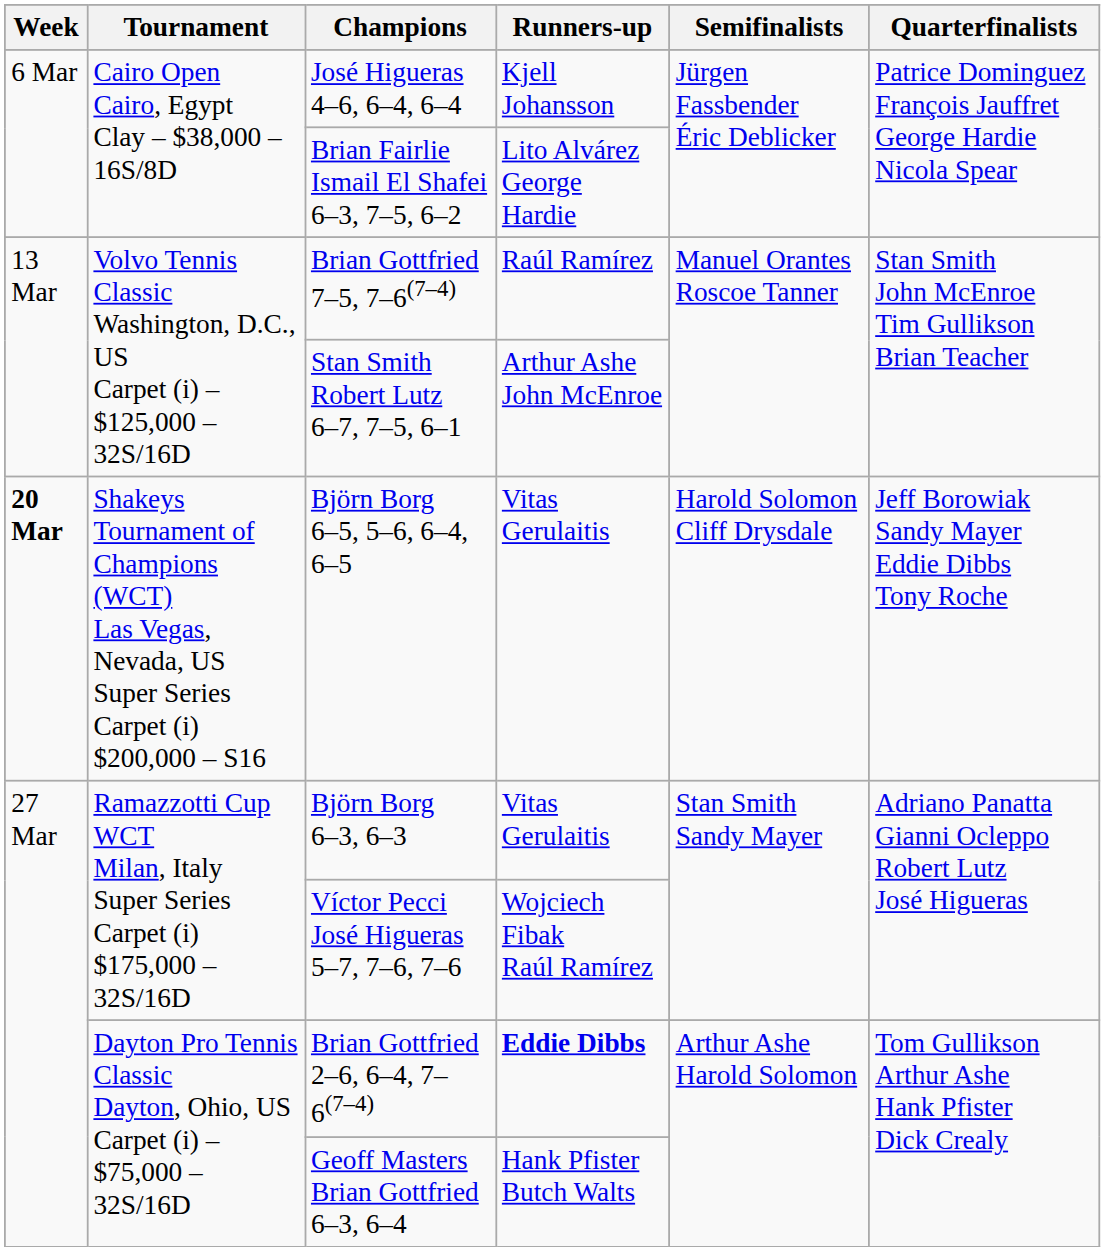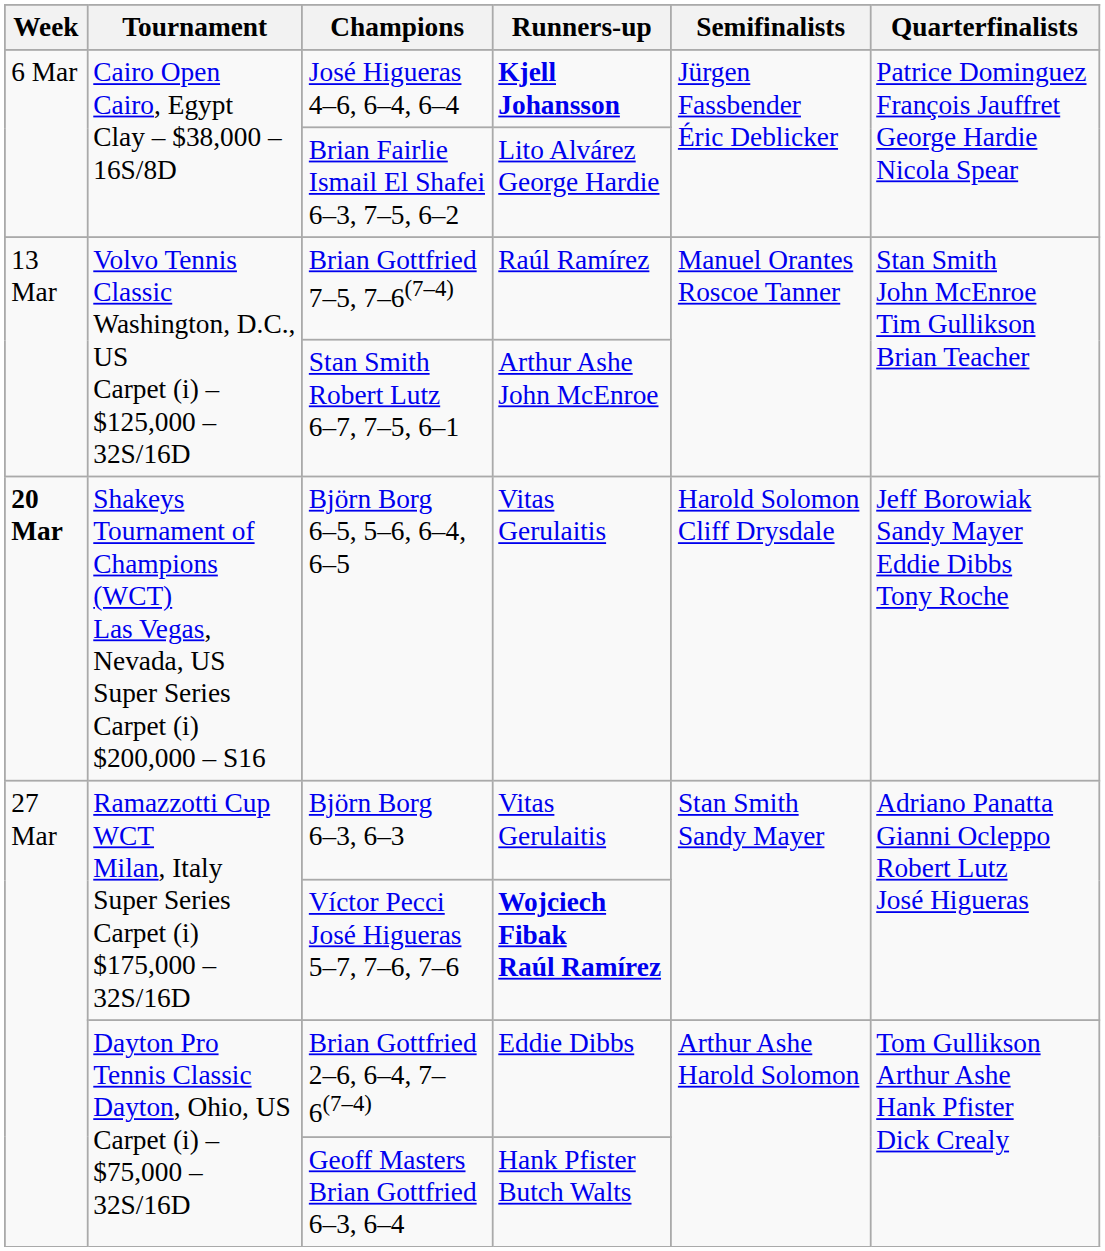 <table class=wikitable style=font-size:95%>
 <tr>
 <th style="width:48px;">Week</th>
 <th style="width:250px;">Tournament</th>
 <th style="width:200px;">Champions</th>
 <th style="width:200px;">Runners-up</th>
 <th style="width:190px;">Semifinalists</th>
 <th style="width:190px;">Quarterfinalists</th>
 </tr>
 <tr valign=top>
 <td rowspan=2>6 Mar</td>
 <td rowspan=2><a href='#'>Cairo Open</a> <br> <a href='#'>Cairo</a>, Egypt <br> Clay – $38,000 – 16S/8D</td>
 <td> <a href='#'>José Higueras</a> <br> 4–6, 6–4, 6–4</td>
-<td> <a href='#'>Kjell Johansson</a></td>
+<td><strong> <a href='#'>Kjell Johansson</a></strong></td>
 <td rowspan=2> <a href='#'>Jürgen Fassbender</a> <br>  <a href='#'>Éric Deblicker</a></td>
 <td rowspan=2> <a href='#'>Patrice Dominguez</a> <br>  <a href='#'>François Jauffret</a> <br>  <a href='#'>George Hardie</a> <br>  <a href='#'>Nicola Spear</a></td>
 </tr>
 <tr valign=top>
 <td> <a href='#'>Brian Fairlie</a> <br>  <a href='#'>Ismail El Shafei</a> <br> 6–3, 7–5, 6–2</td>
 <td> <a href='#'>Lito Alvárez</a> <br>  <a href='#'>George Hardie</a></td>
 </tr>
 <tr valign=top>
 <td rowspan=2>13 Mar</td>
 <td rowspan=2><a href='#'>Volvo Tennis Classic</a> <br> Washington, D.C., US <br> Carpet (i) – $125,000 – 32S/16D</td>
 <td> <a href='#'>Brian Gottfried</a> <br> 7–5, 7–6<sup>(7–4)</sup></td>
 <td> <a href='#'>Raúl Ramírez</a></td>
 <td rowspan=2> <a href='#'>Manuel Orantes</a> <br>  <a href='#'>Roscoe Tanner</a></td>
 <td rowspan=2> <a href='#'>Stan Smith</a> <br>  <a href='#'>John McEnroe</a> <br>  <a href='#'>Tim Gullikson</a> <br>  <a href='#'>Brian Teacher</a></td>
 </tr>
 <tr valign=top>
 <td> <a href='#'>Stan Smith</a> <br>  <a href='#'>Robert Lutz</a> <br> 6–7, 7–5, 6–1</td>
 <td> <a href='#'>Arthur Ashe</a> <br>  <a href='#'>John McEnroe</a></td>
 </tr>
 <tr valign=top>
 <td><strong>20 Mar</strong></td>
 <td><a href='#'>Shakeys Tournament of Champions (WCT)</a> <br> <a href='#'>Las Vegas</a>, Nevada, US <br>Super Series <br> Carpet (i) $200,000 – S16</td>
 <td> <a href='#'>Björn Borg</a> <br> 6–5, 5–6, 6–4, 6–5</td>
 <td> <a href='#'>Vitas Gerulaitis</a></td>
 <td> <a href='#'>Harold Solomon</a> <br>  <a href='#'>Cliff Drysdale</a></td>
 <td> <a href='#'>Jeff Borowiak</a> <br>  <a href='#'>Sandy Mayer</a> <br>  <a href='#'>Eddie Dibbs</a> <br>  <a href='#'>Tony Roche</a></td>
 </tr>
 <tr valign=top>
 <td rowspan=4>27 Mar</td>
 <td rowspan=2><a href='#'>Ramazzotti Cup WCT</a> <br> <a href='#'>Milan</a>, Italy <br>Super Series <br> Carpet (i)  $175,000 – 32S/16D</td>
 <td> <a href='#'>Björn Borg</a> <br> 6–3, 6–3</td>
 <td> <a href='#'>Vitas Gerulaitis</a></td>
 <td rowspan=2> <a href='#'>Stan Smith</a> <br>  <a href='#'>Sandy Mayer</a></td>
 <td rowspan=2> <a href='#'>Adriano Panatta</a> <br>  <a href='#'>Gianni Ocleppo</a> <br>  <a href='#'>Robert Lutz</a> <br>  <a href='#'>José Higueras</a></td>
 </tr>
 <tr valign=top>
 <td> <a href='#'>Víctor Pecci</a> <br>  <a href='#'>José Higueras</a> <br> 5–7, 7–6, 7–6</td>
-<td> <a href='#'>Wojciech Fibak</a> <br>  <a href='#'>Raúl Ramírez</a></td>
+<td><strong> <a href='#'>Wojciech Fibak</a> <br>  <a href='#'>Raúl Ramírez</a></strong></td>
 </tr>
 <tr valign=top>
 <td rowspan=2><a href='#'>Dayton Pro Tennis Classic</a> <br> <a href='#'>Dayton</a>, Ohio, US <br> Carpet (i) – $75,000 – 32S/16D</td>
 <td> <a href='#'>Brian Gottfried</a> <br> 2–6, 6–4, 7–6<sup>(7–4)</sup></td>
-<td><strong> <a href='#'>Eddie Dibbs</a></strong></td>
+<td> <a href='#'>Eddie Dibbs</a></td>
 <td rowspan=2> <a href='#'>Arthur Ashe</a> <br>  <a href='#'>Harold Solomon</a></td>
 <td rowspan=2> <a href='#'>Tom Gullikson</a> <br>  <a href='#'>Arthur Ashe</a> <br>  <a href='#'>Hank Pfister</a> <br>  <a href='#'>Dick Crealy</a></td>
 </tr>
 <tr valign=top>
 <td> <a href='#'>Geoff Masters</a> <br>  <a href='#'>Brian Gottfried</a> <br> 6–3, 6–4</td>
 <td> <a href='#'>Hank Pfister</a> <br>  <a href='#'>Butch Walts</a></td>
 </tr>
 </table>
